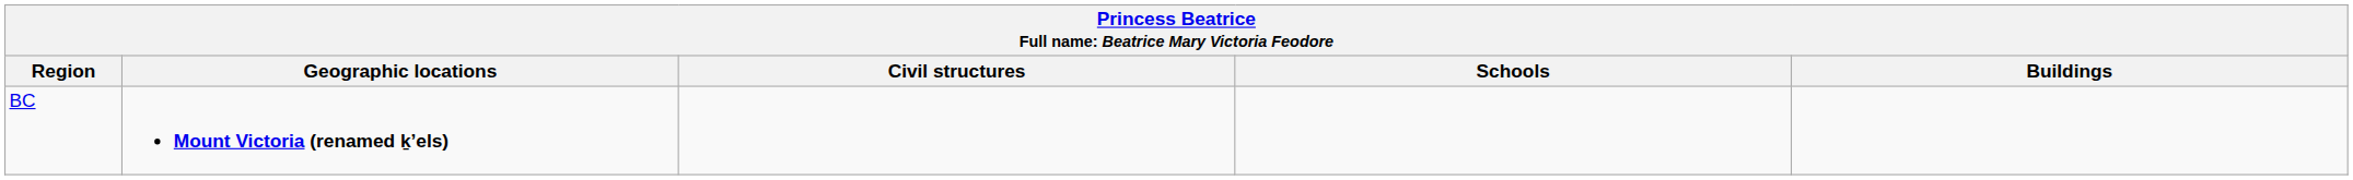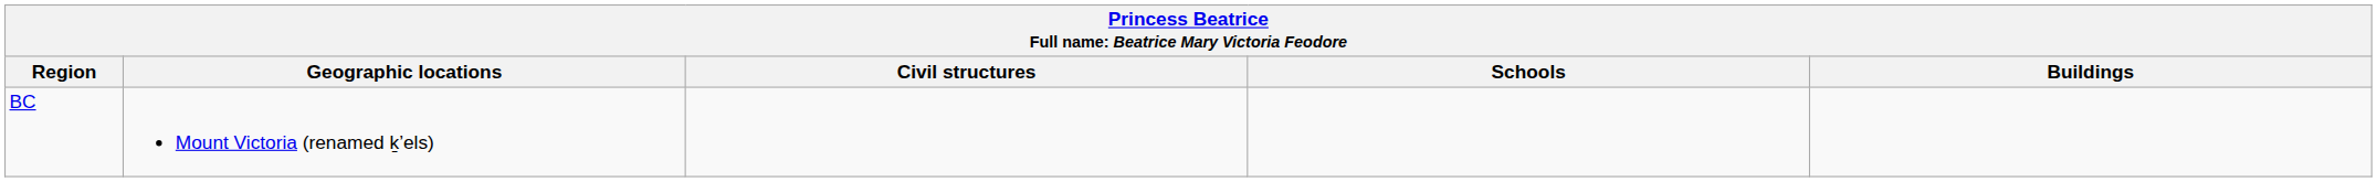 <table class="wikitable" width="100%">
 <tr>
 <th colspan="5"> <a href='#'>Princess Beatrice</a><br><small>Full name: <em>Beatrice Mary Victoria Feodore</em></small></th>
 </tr>
 <tr>
 <th width="5%">Region</th>
 <th width="23.75%">Geographic locations</th>
 <th width="23.75%">Civil structures</th>
 <th width="23.75%">Schools</th>
 <th width="23.75%">Buildings</th>
 </tr>
 <tr>
 <td align=left valign=top> <a href='#'>BC</a></td>
-<td align=left valign=top><strong><br><ul><li><a href='#'>Mount Victoria</a> (renamed ḵ’els)</li></ul></strong></td>
+<td align=left valign=top><br><ul><li><a href='#'>Mount Victoria</a> (renamed ḵ’els)</li></ul></td>
 <td></td>
 <td></td>
 <td></td>
 </tr>
 </table>
